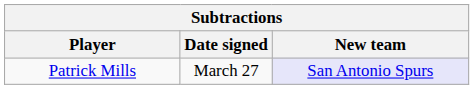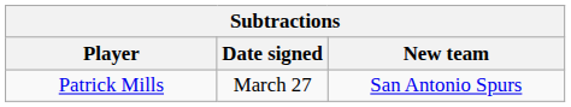 <table class="wikitable" style="text-align:center">
 <tr>
 <th colspan=3>Subtractions</th>
 </tr>
 <tr>
 <th style="width:160px">Player</th>
 <th style="width:80px">Date signed</th>
 <th style="width:180px">New team</th>
 </tr>
 <tr>
 <td><a href='#'>Patrick Mills</a></td>
 <td>March 27</td>
-<td style="background: lavender;"><a href='#'>San Antonio Spurs</a></td>
+<td><a href='#'>San Antonio Spurs</a></td>
 </tr>
 </table>
